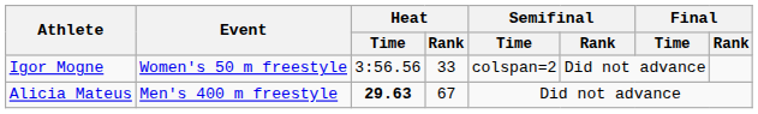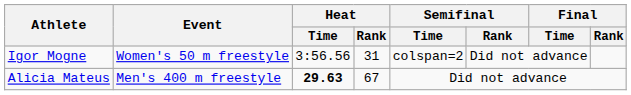 <table class=wikitable style="font-size:90%">
 <tr>
 <th rowspan="2">Athlete</th>
 <th rowspan="2">Event</th>
 <th colspan="2">Heat</th>
 <th colspan="2">Semifinal</th>
 <th colspan="2">Final</th>
 </tr>
 <tr style="font-size:95%">
 <th>Time</th>
 <th>Rank</th>
 <th>Time</th>
 <th>Rank</th>
 <th>Time</th>
 <th>Rank</th>
 </tr>
 <tr align=center>
 <td align=left><a href='#'>Igor Mogne</a></td>
 <td align=left><a href='#'>Women's 50 m freestyle</a></td>
 <td>3:56.56</td>
-<td>33</td>
+<td>31</td>
 <td>colspan=2 </td>
 <td colspan="2">Did not advance</td>
 </tr>
 <tr align=center>
 <td align=left><a href='#'>Alicia Mateus</a></td>
 <td align=left><a href='#'>Men's 400 m freestyle</a></td>
 <td><strong>29.63</strong></td>
 <td>67</td>
 <td colspan="4">Did not advance</td>
 </tr>
 </table>
